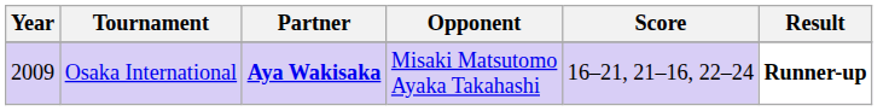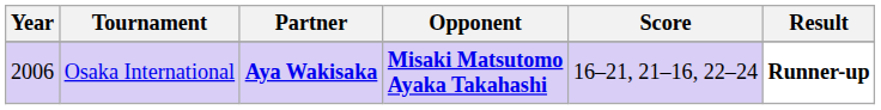 <table class="sortable wikitable" style="font-size: 90%;">
 <tr>
 <th>Year</th>
 <th>Tournament</th>
 <th>Partner</th>
 <th>Opponent</th>
 <th>Score</th>
 <th>Result</th>
 </tr>
 <tr>
 </tr>
 <tr style="background:#D8CEF6">
-<td align="center">2009</td>
+<td align="center">2006</td>
 <td align="left"><a href='#'>Osaka International</a></td>
 <td align="left"><strong> <a href='#'>Aya Wakisaka</a></strong></td>
-<td align="left"> <a href='#'>Misaki Matsutomo</a><br> <a href='#'>Ayaka Takahashi</a></td>
+<td align="left"><strong> <a href='#'>Misaki Matsutomo</a><br> <a href='#'>Ayaka Takahashi</a></strong></td>
 <td align="left">16–21, 21–16, 22–24</td>
 <td style="text-align:left; background:white"> <strong>Runner-up</strong></td>
 </tr>
 </table>
